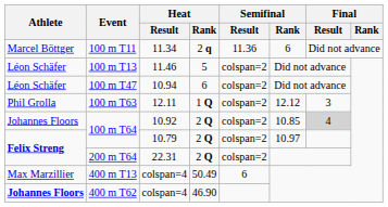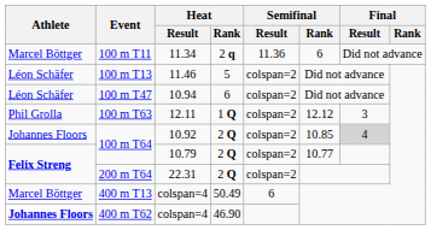 <table class="wikitable" style="font-size:90%">
 <tr>
 <th rowspan="2">Athlete</th>
 <th rowspan="2">Event</th>
 <th colspan="2">Heat</th>
 <th colspan="2">Semifinal</th>
 <th colspan="2">Final</th>
 </tr>
 <tr style="font-size:95%">
 <th>Result</th>
 <th>Rank</th>
 <th>Result</th>
 <th>Rank</th>
 <th>Result</th>
 <th>Rank</th>
 </tr>
 <tr align=center>
 <td align=left><a href='#'>Marcel Böttger</a></td>
 <td align=left><a href='#'>100 m T11</a></td>
 <td>11.34</td>
 <td>2 <strong>q</strong></td>
 <td>11.36</td>
 <td>6</td>
 <td colspan=2>Did not advance</td>
 </tr>
 <tr align=center>
 <td align=left><a href='#'>Léon Schäfer</a></td>
 <td align=left><a href='#'>100 m T13</a></td>
 <td>11.46</td>
 <td>5</td>
 <td>colspan=2</td>
 <td colspan=2>Did not advance</td>
 </tr>
 <tr align=center>
 <td align=left><a href='#'>Léon Schäfer</a></td>
 <td align=left><a href='#'>100 m T47</a></td>
 <td>10.94</td>
 <td>6</td>
 <td>colspan=2</td>
 <td colspan=2>Did not advance</td>
 </tr>
 <tr align=center>
 <td align=left><a href='#'>Phil Grolla</a></td>
 <td align=left><a href='#'>100 m T63</a></td>
 <td>12.11</td>
 <td>1 <strong>Q</strong></td>
 <td>colspan=2</td>
 <td>12.12</td>
 <td>3</td>
 </tr>
 <tr align=center>
 <td align=left><a href='#'>Johannes Floors</a></td>
 <td align=left rowspan=2><a href='#'>100 m T64</a></td>
 <td>10.92</td>
 <td>2 <strong>Q</strong></td>
 <td>colspan=2</td>
 <td>10.85</td>
 <td style="background: lightgrey;">4</td>
 </tr>
 <tr align=center>
 <td align=left rowspan=2><strong><a href='#'>Felix Streng</a></strong></td>
 <td>10.79</td>
 <td>2 <strong>Q</strong></td>
 <td>colspan=2</td>
-<td>10.97</td>
+<td>10.77</td>
 <td></td>
 </tr>
 <tr align=center>
 <td align=left><a href='#'>200 m T64</a></td>
 <td>22.31</td>
 <td>2 <strong>Q</strong></td>
 <td>colspan=2</td>
 <td colspan=2></td>
 </tr>
 <tr align=center>
-<td align=left><a href='#'>Max Marzillier</a></td>
+<td align=left><a href='#'>Marcel Böttger</a></td>
 <td align=left><a href='#'>400 m T13</a></td>
 <td>colspan=4</td>
 <td>50.49</td>
 <td>6</td>
 </tr>
 <tr align=center>
 <td align=left><strong><a href='#'>Johannes Floors</a></strong></td>
 <td align=left><a href='#'>400 m T62</a></td>
 <td>colspan=4</td>
 <td>46.90 </td>
 <td></td>
 </tr>
 </table>
